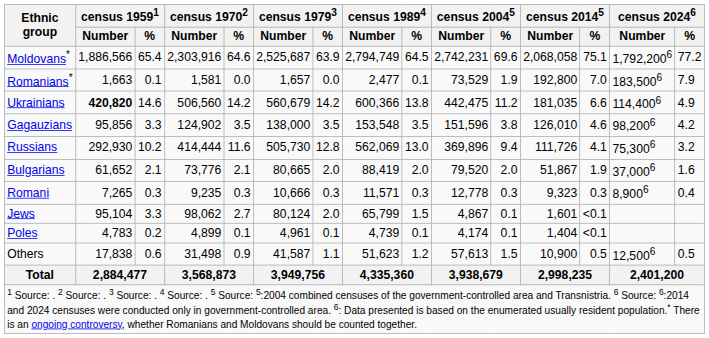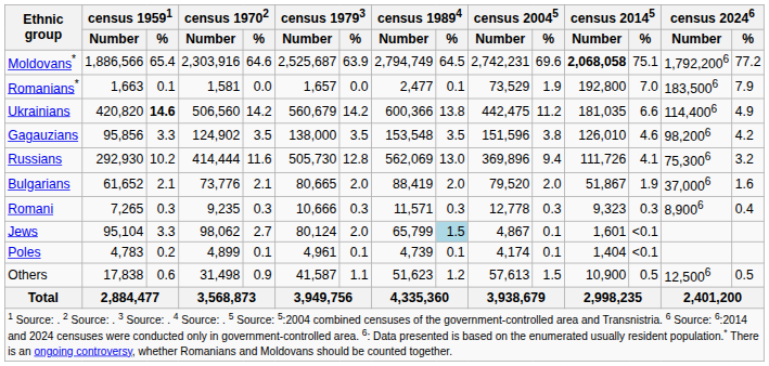 <table class="wikitable">
 <tr bgcolor="#e0e0e0">
 <th rowspan="2">Ethnic<br>group</th>
 <th colspan="2">census 1959<sup>1</sup></th>
 <th colspan="2">census 1970<sup>2</sup></th>
 <th colspan="2">census 1979<sup>3</sup></th>
 <th colspan="2">census 1989<sup>4</sup></th>
 <th colspan="2">census 2004<sup>5</sup></th>
 <th colspan="2">census 2014<sup>5</sup></th>
 <th colspan="2">census 2024<sup>6</sup></th>
 </tr>
 <tr bgcolor="#e0e0e0">
 <th>Number</th>
 <th>%</th>
 <th>Number</th>
 <th>%</th>
 <th>Number</th>
 <th>%</th>
 <th>Number</th>
 <th>%</th>
 <th>Number</th>
 <th>%</th>
 <th>Number</th>
 <th>%</th>
 <th>Number</th>
 <th>%</th>
 </tr>
 <tr>
 <td><a href='#'>Moldovans</a><sup>*</sup></td>
 <td align="right">1,886,566</td>
 <td align="right">65.4</td>
 <td align="right">2,303,916</td>
 <td align="right">64.6</td>
 <td align="right">2,525,687</td>
 <td align="right">63.9</td>
 <td align="right">2,794,749</td>
 <td align="right">64.5</td>
 <td align="right">2,742,231</td>
 <td align="right">69.6</td>
-<td align="right">2,068,058</td>
+<td align="right"><strong>2,068,058</strong></td>
 <td align="right">75.1</td>
 <td>1,792,200<sup>6</sup></td>
 <td>77.2</td>
 </tr>
 <tr>
 <td><a href='#'>Romanians</a><sup>*</sup></td>
 <td align="right">1,663</td>
 <td align="right">0.1</td>
 <td align="right">1,581</td>
 <td align="right">0.0</td>
 <td align="right">1,657</td>
 <td align="right">0.0</td>
 <td align="right">2,477</td>
 <td align="right">0.1</td>
 <td align="right">73,529</td>
 <td align="right">1.9</td>
 <td align="right">192,800</td>
 <td align="right">7.0</td>
 <td>183,500<sup>6</sup></td>
 <td>7.9</td>
 </tr>
 <tr>
 <td><a href='#'>Ukrainians</a></td>
-<td align="right"><strong>420,820</strong></td>
-<td align="right">14.6</td>
+<td align="right">420,820</td>
+<td align="right"><strong>14.6</strong></td>
 <td align="right">506,560</td>
 <td align="right">14.2</td>
 <td align="right">560,679</td>
 <td align="right">14.2</td>
 <td align="right">600,366</td>
 <td align="right">13.8</td>
 <td align="right">442,475</td>
 <td align="right">11.2</td>
 <td align="right">181,035</td>
 <td align="right">6.6</td>
 <td>114,400<sup>6</sup></td>
 <td>4.9</td>
 </tr>
 <tr>
 <td><a href='#'>Gagauzians</a></td>
 <td align="right">95,856</td>
 <td align="right">3.3</td>
 <td align="right">124,902</td>
 <td align="right">3.5</td>
 <td align="right">138,000</td>
 <td align="right">3.5</td>
 <td align="right">153,548</td>
 <td align="right">3.5</td>
 <td align="right">151,596</td>
 <td align="right">3.8</td>
 <td align="right">126,010</td>
 <td align="right">4.6</td>
 <td>98,200<sup>6</sup></td>
 <td>4.2</td>
 </tr>
 <tr>
 <td><a href='#'>Russians</a></td>
 <td align="right">292,930</td>
 <td align="right">10.2</td>
 <td align="right">414,444</td>
 <td align="right">11.6</td>
 <td align="right">505,730</td>
 <td align="right">12.8</td>
 <td align="right">562,069</td>
 <td align="right">13.0</td>
 <td align="right">369,896</td>
 <td align="right">9.4</td>
 <td align="right">111,726</td>
 <td align="right">4.1</td>
 <td>75,300<sup>6</sup></td>
 <td>3.2</td>
 </tr>
 <tr>
 <td><a href='#'>Bulgarians</a></td>
 <td align="right">61,652</td>
 <td align="right">2.1</td>
 <td align="right">73,776</td>
 <td align="right">2.1</td>
 <td align="right">80,665</td>
 <td align="right">2.0</td>
 <td align="right">88,419</td>
 <td align="right">2.0</td>
 <td align="right">79,520</td>
 <td align="right">2.0</td>
 <td align="right">51,867</td>
 <td align="right">1.9</td>
 <td>37,000<sup>6</sup></td>
 <td>1.6</td>
 </tr>
 <tr>
 <td><a href='#'>Romani</a></td>
 <td align="right">7,265</td>
 <td align="right">0.3</td>
 <td align="right">9,235</td>
 <td align="right">0.3</td>
 <td align="right">10,666</td>
 <td align="right">0.3</td>
 <td align="right">11,571</td>
 <td align="right">0.3</td>
 <td align="right">12,778</td>
 <td align="right">0.3</td>
 <td align="right">9,323</td>
 <td align="right">0.3</td>
 <td>8,900<sup>6</sup></td>
 <td>0.4</td>
 </tr>
 <tr>
 <td><a href='#'>Jews</a></td>
 <td align="right">95,104</td>
 <td align="right">3.3</td>
 <td align="right">98,062</td>
 <td align="right">2.7</td>
 <td align="right">80,124</td>
 <td align="right">2.0</td>
 <td align="right">65,799</td>
-<td align="right">1.5</td>
+<td align="right" style="background: lightblue;">1.5</td>
 <td align="right">4,867</td>
 <td align="right">0.1</td>
 <td align="right">1,601</td>
 <td align="right"><0.1</td>
 <td></td>
 <td></td>
 </tr>
 <tr>
 <td><a href='#'>Poles</a></td>
 <td align="right">4,783</td>
 <td align="right">0.2</td>
 <td align="right">4,899</td>
 <td align="right">0.1</td>
 <td align="right">4,961</td>
 <td align="right">0.1</td>
 <td align="right">4,739</td>
 <td align="right">0.1</td>
 <td align="right">4,174</td>
 <td align="right">0.1</td>
 <td align="right">1,404</td>
 <td align="right"><0.1</td>
 <td></td>
 <td></td>
 </tr>
 <tr>
 <td>Others</td>
 <td align="right">17,838</td>
 <td align="right">0.6</td>
 <td align="right">31,498</td>
 <td align="right">0.9</td>
 <td align="right">41,587</td>
 <td align="right">1.1</td>
 <td align="right">51,623</td>
 <td align="right">1.2</td>
 <td align="right">57,613</td>
 <td align="right">1.5</td>
 <td align="right">10,900</td>
 <td align="right">0.5</td>
 <td>12,500<sup>6</sup></td>
 <td>0.5</td>
 </tr>
 <tr bgcolor="#e0e0e0">
 <th align="left">Total</th>
 <th colspan="2">2,884,477</th>
 <th colspan="2">3,568,873</th>
 <th colspan="2">3,949,756</th>
 <th colspan="2">4,335,360</th>
 <th colspan="2">3,938,679</th>
 <th colspan="2">2,998,235</th>
 <th colspan="2">2,401,200</th>
 </tr>
 <tr>
 <td colspan="15"><small><sup>1</sup> Source:  . <sup>2</sup> Source:  . <sup>3</sup> Source:  . <sup>4</sup> Source:  . <sup>5</sup> Source:    <sup>5</sup>:2004 combined censuses of the government-controlled area and Transnistria. <sup>6</sup> Source: <sup>6</sup>:2014 and 2024 censuses were conducted only in government-controlled area. <sup>6</sup>: Data presented is based on the enumerated usually resident population.</small><small><sup>*</sup> There is an <a href='#'>ongoing controversy</a>, whether Romanians and Moldovans should be counted together.  </small></td>
 </tr>
 </table>
